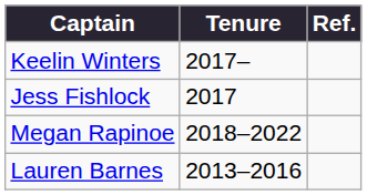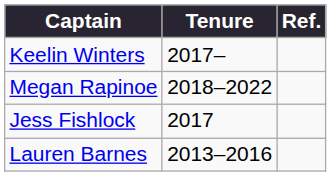 <table class="wikitable" style="text-align:left;">
 <tr>
 <th style="background:#292431; color:#FFFFFF; ">Captain</th>
 <th style="background:#292431; color:#FFFFFF; ">Tenure</th>
 <th style="background:#292431; color:#FFFFFF; ">Ref.</th>
 </tr>
 <tr>
 <td> <a href='#'>Keelin Winters</a></td>
 <td>2017–</td>
 <td></td>
 </tr>
 <tr>
-<td> <a href='#'>Jess Fishlock</a></td>
-<td>2017</td>
+<td> <a href='#'>Megan Rapinoe</a></td>
+<td>2018–2022</td>
 <td></td>
 </tr>
 <tr>
-<td> <a href='#'>Megan Rapinoe</a></td>
-<td>2018–2022</td>
+<td> <a href='#'>Jess Fishlock</a></td>
+<td>2017</td>
 <td></td>
 </tr>
 <tr>
 <td> <a href='#'>Lauren Barnes</a></td>
 <td>2013–2016</td>
 <td></td>
 </tr>
 </table>
